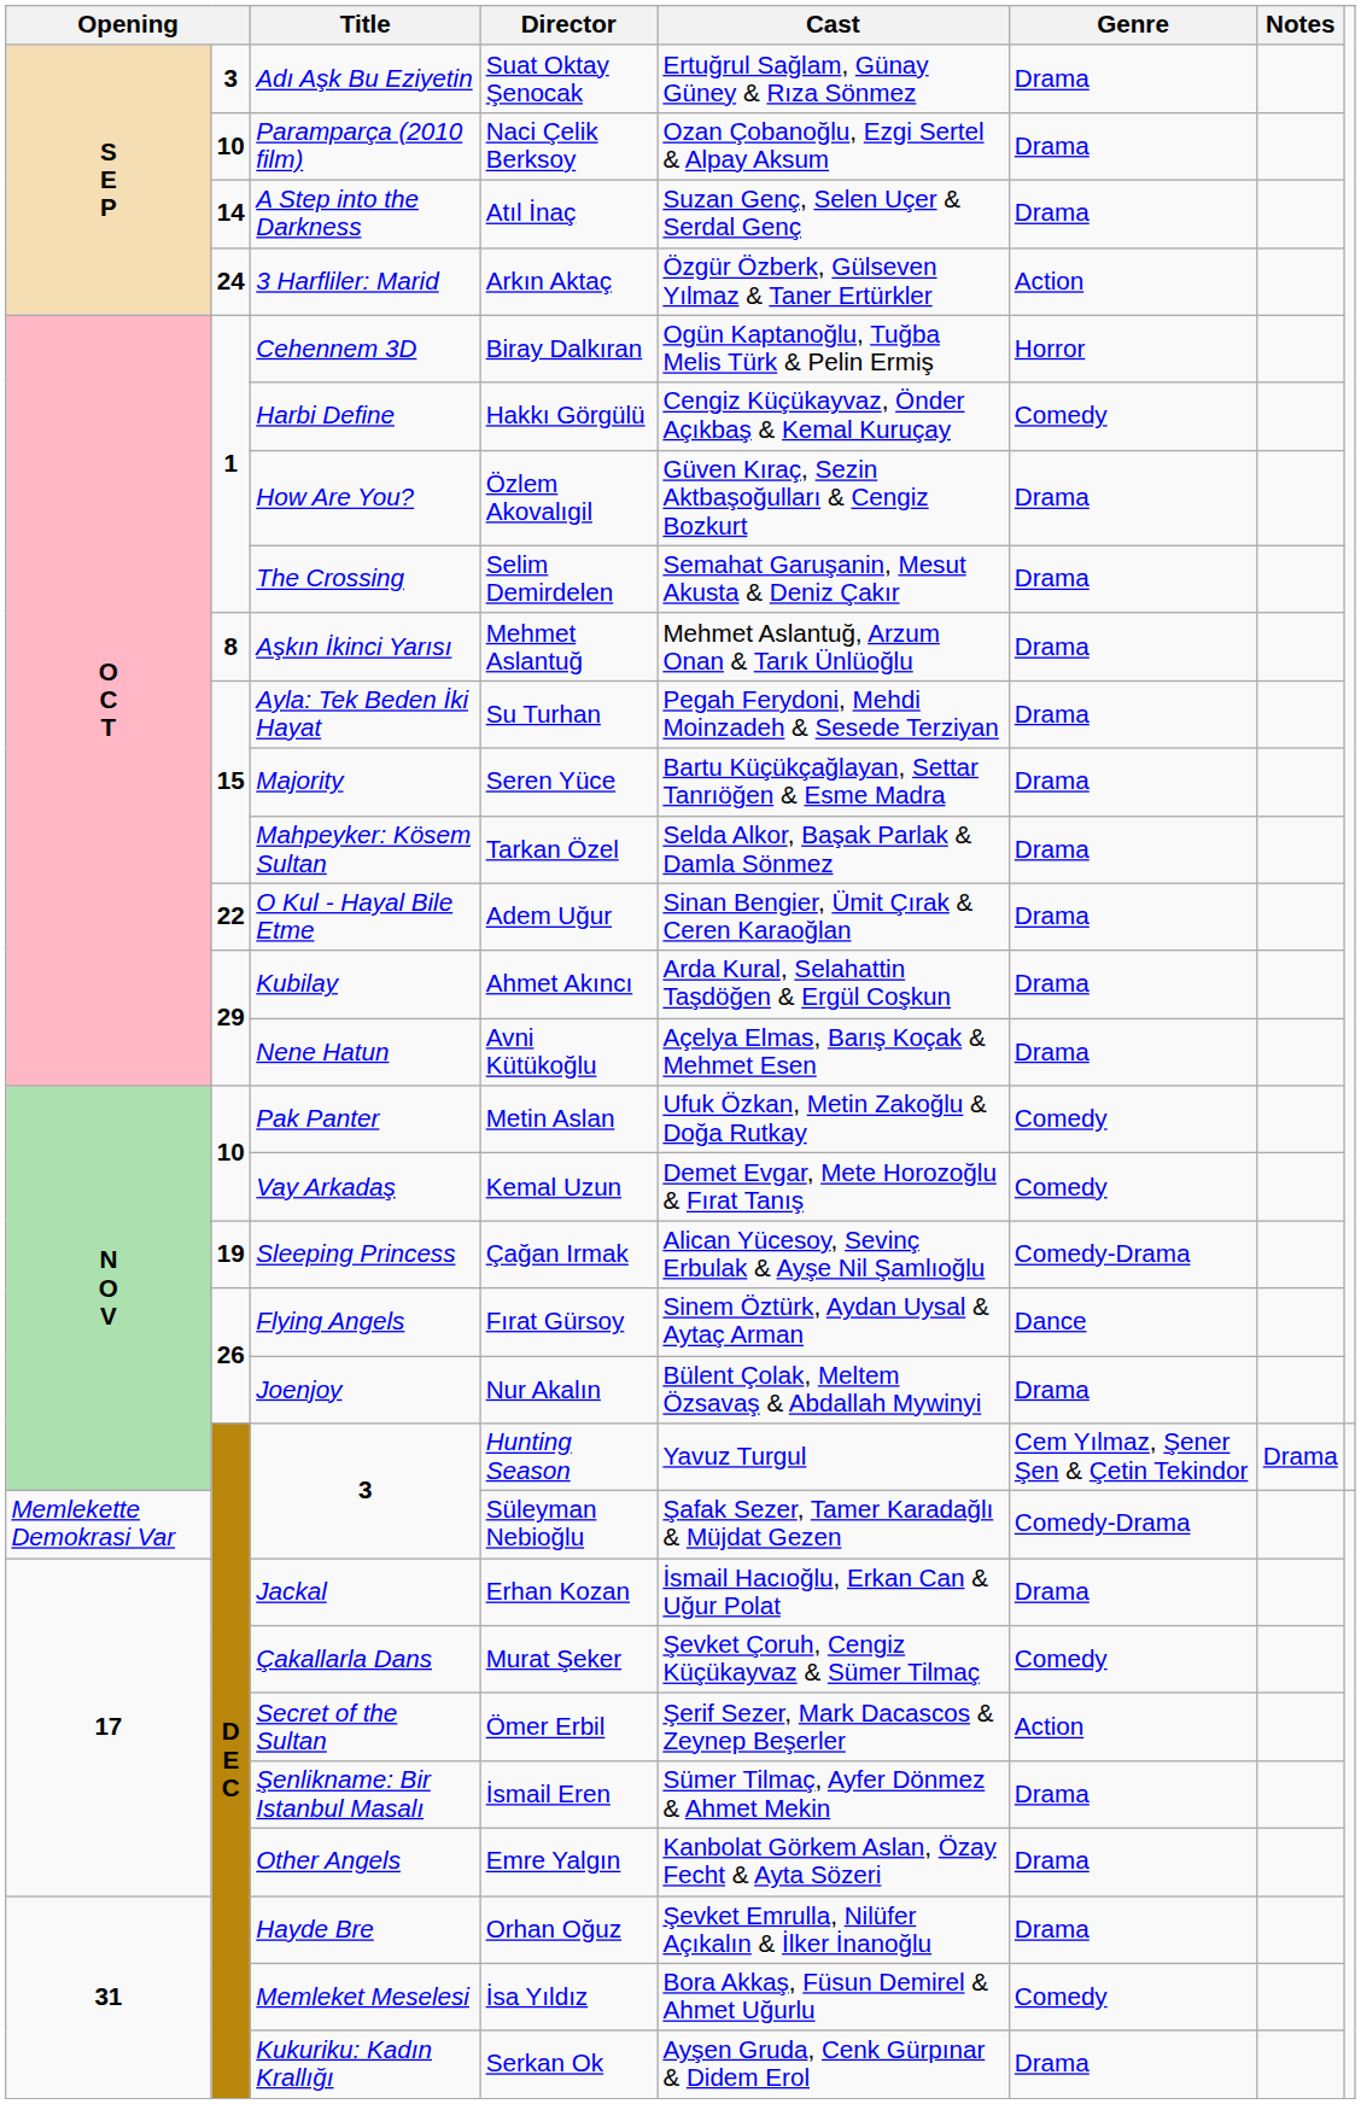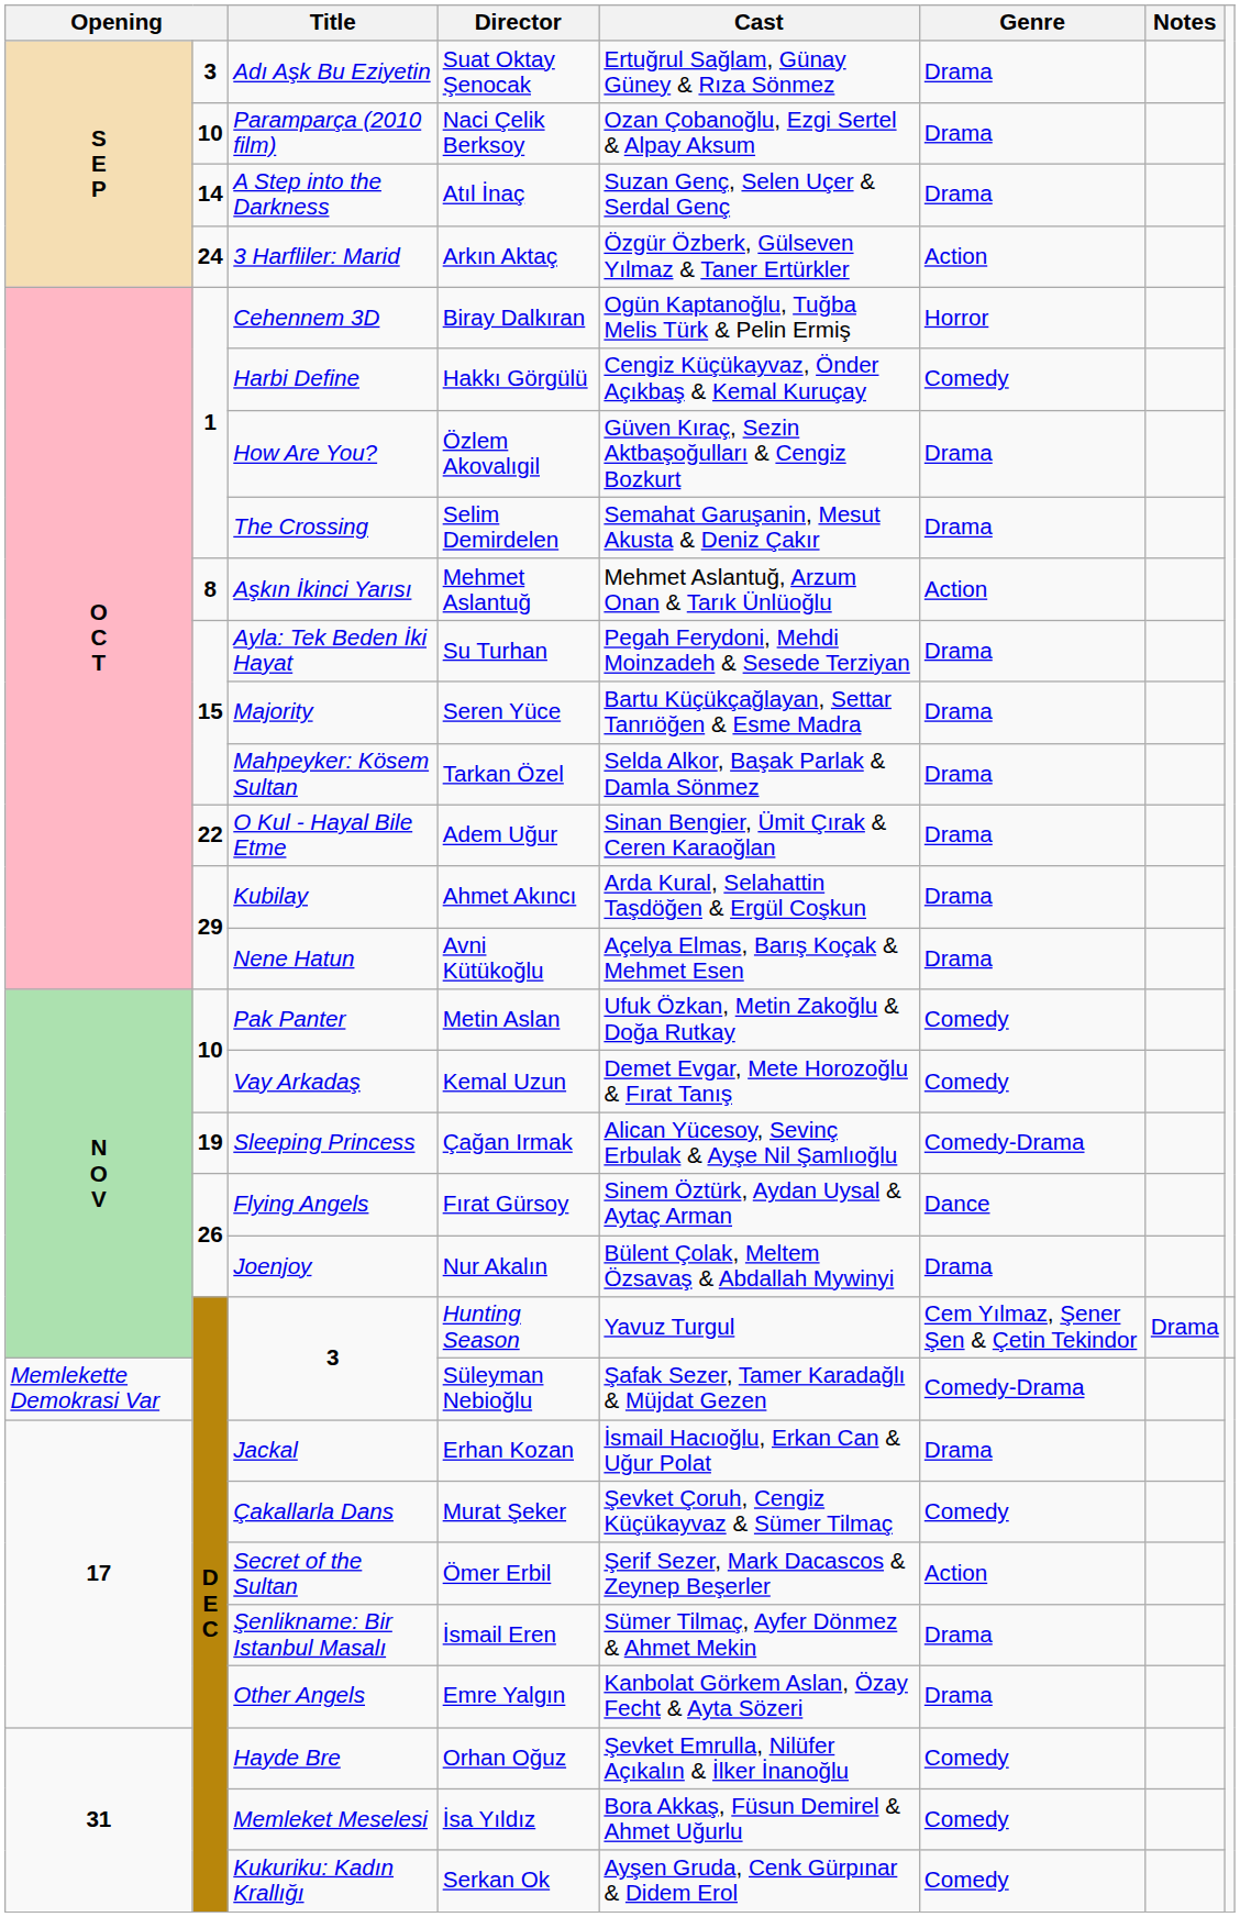 <table class="wikitable sortable">
 <tr>
 <th colspan="2"><strong>Opening</strong></th>
 <th><strong>Title</strong></th>
 <th><strong>Director</strong></th>
 <th><strong>Cast</strong></th>
 <th><strong>Genre</strong></th>
 <th><strong>Notes</strong></th>
 </tr>
 <tr September!>
 <td rowspan="4" valign="center" align="center" style="background:#F5DEB3; textcolor:#000;"><strong>S<br>E<br>P</strong></td>
 <td rowspan="1" align="center"><strong>3</strong></td>
 <td><em><a href='#'>Adı Aşk Bu Eziyetin</a></em></td>
 <td><a href='#'>Suat Oktay Şenocak</a></td>
 <td><a href='#'>Ertuğrul Sağlam</a>, <a href='#'>Günay Güney</a> & <a href='#'>Rıza Sönmez</a></td>
 <td><a href='#'>Drama</a></td>
 <td></td>
 </tr>
 <tr>
 <td rowspan="1" align="center"><strong>10</strong></td>
 <td><em><a href='#'>Paramparça (2010 film)</a></em></td>
 <td><a href='#'>Naci Çelik Berksoy</a></td>
 <td><a href='#'>Ozan Çobanoğlu</a>, <a href='#'>Ezgi Sertel</a> & <a href='#'>Alpay Aksum</a></td>
 <td><a href='#'>Drama</a></td>
 <td></td>
 </tr>
 <tr>
 <td rowspan="1" align="center"><strong>14</strong></td>
 <td><em><a href='#'>A Step into the Darkness</a></em></td>
 <td><a href='#'>Atıl İnaç</a></td>
 <td><a href='#'>Suzan Genç</a>, <a href='#'>Selen Uçer</a> & <a href='#'>Serdal Genç</a></td>
 <td><a href='#'>Drama</a></td>
 <td></td>
 </tr>
 <tr>
 <td rowspan="1" align="center"><strong>24</strong></td>
 <td><em><a href='#'>3 Harfliler: Marid</a></em></td>
 <td><a href='#'>Arkın Aktaç</a></td>
 <td><a href='#'>Özgür Özberk</a>, <a href='#'>Gülseven Yılmaz</a> & <a href='#'>Taner Ertürkler</a></td>
 <td><a href='#'>Action</a></td>
 <td></td>
 </tr>
 <tr October!>
 <td rowspan="11" valign="center" align="center" style="background:#FFB7C5; textcolor:#000;"><strong>O<br>C<br>T</strong></td>
 <td rowspan="4" align="center"><strong>1</strong></td>
 <td><em><a href='#'>Cehennem 3D</a></em></td>
 <td><a href='#'>Biray Dalkıran</a></td>
 <td><a href='#'>Ogün Kaptanoğlu</a>, <a href='#'>Tuğba Melis Türk</a> & Pelin Ermiş</td>
 <td><a href='#'>Horror</a></td>
 <td></td>
 </tr>
 <tr>
 <td><em><a href='#'>Harbi Define</a></em></td>
 <td><a href='#'>Hakkı Görgülü</a></td>
 <td><a href='#'>Cengiz Küçükayvaz</a>, <a href='#'>Önder Açıkbaş</a> & <a href='#'>Kemal Kuruçay</a></td>
 <td><a href='#'>Comedy</a></td>
 <td></td>
 </tr>
 <tr>
 <td><em><a href='#'>How Are You?</a></em></td>
 <td><a href='#'>Özlem Akovalıgil</a></td>
 <td><a href='#'>Güven Kıraç</a>, <a href='#'>Sezin Aktbaşoğulları</a> & <a href='#'>Cengiz Bozkurt</a></td>
 <td><a href='#'>Drama</a></td>
 <td></td>
 </tr>
 <tr>
 <td><em><a href='#'>The Crossing</a></em></td>
 <td><a href='#'>Selim Demirdelen</a></td>
 <td><a href='#'>Semahat Garuşanin</a>, <a href='#'>Mesut Akusta</a> & <a href='#'>Deniz Çakır</a></td>
 <td><a href='#'>Drama</a></td>
 <td></td>
 </tr>
 <tr>
 <td rowspan="1" align="center"><strong>8</strong></td>
 <td><em><a href='#'>Aşkın İkinci Yarısı</a></em></td>
 <td><a href='#'>Mehmet Aslantuğ</a></td>
 <td>Mehmet Aslantuğ, <a href='#'>Arzum Onan</a> & <a href='#'>Tarık Ünlüoğlu</a></td>
-<td><a href='#'>Drama</a></td>
+<td><a href='#'>Action</a></td>
 <td></td>
 </tr>
 <tr>
 <td rowspan="3" align="center"><strong>15</strong></td>
 <td><em><a href='#'>Ayla: Tek Beden İki Hayat</a></em></td>
 <td><a href='#'>Su Turhan</a></td>
 <td><a href='#'>Pegah Ferydoni</a>, <a href='#'>Mehdi Moinzadeh</a> & <a href='#'>Sesede Terziyan</a></td>
 <td><a href='#'>Drama</a></td>
 <td></td>
 </tr>
 <tr>
 <td><em><a href='#'>Majority</a></em></td>
 <td><a href='#'>Seren Yüce</a></td>
 <td><a href='#'>Bartu Küçükçağlayan</a>, <a href='#'>Settar Tanrıöğen</a> & <a href='#'>Esme Madra</a></td>
 <td><a href='#'>Drama</a></td>
 <td></td>
 </tr>
 <tr>
 <td><em><a href='#'>Mahpeyker: Kösem Sultan</a></em></td>
 <td><a href='#'>Tarkan Özel</a></td>
 <td><a href='#'>Selda Alkor</a>, <a href='#'>Başak Parlak</a> & <a href='#'>Damla Sönmez</a></td>
 <td><a href='#'>Drama</a></td>
 <td></td>
 </tr>
 <tr>
 <td rowspan="1" align="center"><strong>22</strong></td>
 <td><em><a href='#'>O Kul - Hayal Bile Etme</a></em></td>
 <td><a href='#'>Adem Uğur</a></td>
 <td><a href='#'>Sinan Bengier</a>, <a href='#'>Ümit Çırak</a> & <a href='#'>Ceren Karaoğlan</a></td>
 <td><a href='#'>Drama</a></td>
 <td></td>
 </tr>
 <tr>
 <td rowspan="2" align="center"><strong>29</strong></td>
 <td><em><a href='#'>Kubilay</a></em></td>
 <td><a href='#'>Ahmet Akıncı</a></td>
 <td><a href='#'>Arda Kural</a>, <a href='#'>Selahattin Taşdöğen</a> & <a href='#'>Ergül Coşkun</a></td>
 <td><a href='#'>Drama</a></td>
 <td></td>
 </tr>
 <tr>
 <td><em><a href='#'>Nene Hatun</a></em></td>
 <td><a href='#'>Avni Kütükoğlu</a></td>
 <td><a href='#'>Açelya Elmas</a>, <a href='#'>Barış Koçak</a> & <a href='#'>Mehmet Esen</a></td>
 <td><a href='#'>Drama</a></td>
 <td></td>
 </tr>
 <tr October!>
 <td rowspan="6" valign="center" align="center" style="background:#ACE1AF; textcolor:#000;"><strong>N<br>O<br>V</strong></td>
 <td rowspan="2" align="center"><strong>10</strong></td>
 <td><em><a href='#'>Pak Panter</a></em></td>
 <td><a href='#'>Metin Aslan</a></td>
 <td><a href='#'>Ufuk Özkan</a>, <a href='#'>Metin Zakoğlu</a> & <a href='#'>Doğa Rutkay</a></td>
 <td><a href='#'>Comedy</a></td>
 <td></td>
 </tr>
 <tr>
 <td><em><a href='#'>Vay Arkadaş</a></em></td>
 <td><a href='#'>Kemal Uzun</a></td>
 <td><a href='#'>Demet Evgar</a>, <a href='#'>Mete Horozoğlu</a> & <a href='#'>Fırat Tanış</a></td>
 <td><a href='#'>Comedy</a></td>
 <td></td>
 </tr>
 <tr>
 <td rowspan="1" align="center"><strong>19</strong></td>
 <td><em><a href='#'>Sleeping Princess</a></em></td>
 <td><a href='#'>Çağan Irmak</a></td>
 <td><a href='#'>Alican Yücesoy</a>, <a href='#'>Sevinç Erbulak</a> & <a href='#'>Ayşe Nil Şamlıoğlu</a></td>
 <td><a href='#'>Comedy-Drama</a></td>
 <td></td>
 </tr>
 <tr>
 <td rowspan="2" align="center"><strong>26</strong></td>
 <td><em><a href='#'>Flying Angels</a></em></td>
 <td><a href='#'>Fırat Gürsoy</a></td>
 <td><a href='#'>Sinem Öztürk</a>, <a href='#'>Aydan Uysal</a> & <a href='#'>Aytaç Arman</a></td>
 <td><a href='#'>Dance</a></td>
 <td></td>
 </tr>
 <tr>
 <td><em><a href='#'>Joenjoy</a></em></td>
 <td><a href='#'>Nur Akalın</a></td>
 <td><a href='#'>Bülent Çolak</a>, <a href='#'>Meltem Özsavaş</a> & <a href='#'>Abdallah Mywinyi</a></td>
 <td><a href='#'>Drama</a></td>
 <td></td>
 </tr>
 <tr December!>
 <td rowspan="10" valign="center" align="center" style="background:#B8860B; textcolor:#000;"><strong>D<br>E<br>C</strong></td>
 <td rowspan="2" align="center"><strong>3</strong></td>
 <td><em><a href='#'>Hunting Season</a></em></td>
 <td><a href='#'>Yavuz Turgul</a></td>
 <td><a href='#'>Cem Yılmaz</a>, <a href='#'>Şener Şen</a> & <a href='#'>Çetin Tekindor</a></td>
 <td><a href='#'>Drama</a></td>
 <td></td>
 </tr>
 <tr>
 <td><em><a href='#'>Memlekette Demokrasi Var</a></em></td>
 <td><a href='#'>Süleyman Nebioğlu</a></td>
 <td><a href='#'>Şafak Sezer</a>, <a href='#'>Tamer Karadağlı</a> & <a href='#'>Müjdat Gezen</a></td>
 <td><a href='#'>Comedy-Drama</a></td>
 <td></td>
 </tr>
 <tr>
 <td rowspan="5" align="center"><strong>17</strong></td>
 <td><em><a href='#'>Jackal</a></em></td>
 <td><a href='#'>Erhan Kozan</a></td>
 <td><a href='#'>İsmail Hacıoğlu</a>, <a href='#'>Erkan Can</a> & <a href='#'>Uğur Polat</a></td>
 <td><a href='#'>Drama</a></td>
 <td></td>
 </tr>
 <tr>
 <td><em><a href='#'>Çakallarla Dans</a></em></td>
 <td><a href='#'>Murat Şeker</a></td>
 <td><a href='#'>Şevket Çoruh</a>, <a href='#'>Cengiz Küçükayvaz</a> & <a href='#'>Sümer Tilmaç</a></td>
 <td><a href='#'>Comedy</a></td>
 <td></td>
 </tr>
 <tr>
 <td><em><a href='#'>Secret of the Sultan</a></em></td>
 <td><a href='#'>Ömer Erbil</a></td>
 <td><a href='#'>Şerif Sezer</a>, <a href='#'>Mark Dacascos</a> & <a href='#'>Zeynep Beşerler</a></td>
 <td><a href='#'>Action</a></td>
 <td></td>
 </tr>
 <tr>
 <td><em><a href='#'>Şenlikname: Bir Istanbul Masalı</a></em></td>
 <td><a href='#'>İsmail Eren</a></td>
 <td><a href='#'>Sümer Tilmaç</a>, <a href='#'>Ayfer Dönmez</a> & <a href='#'>Ahmet Mekin</a></td>
 <td><a href='#'>Drama</a></td>
 <td></td>
 </tr>
 <tr>
 <td><em><a href='#'>Other Angels</a></em></td>
 <td><a href='#'>Emre Yalgın</a></td>
 <td><a href='#'>Kanbolat Görkem Aslan</a>, <a href='#'>Özay Fecht</a> & <a href='#'>Ayta Sözeri</a></td>
 <td><a href='#'>Drama</a></td>
 <td></td>
 </tr>
 <tr>
 <td rowspan="3" align="center"><strong>31</strong></td>
 <td><em><a href='#'>Hayde Bre</a></em></td>
 <td><a href='#'>Orhan Oğuz</a></td>
 <td><a href='#'>Şevket Emrulla</a>, <a href='#'>Nilüfer Açıkalın</a> & <a href='#'>İlker İnanoğlu</a></td>
-<td><a href='#'>Drama</a></td>
+<td><a href='#'>Comedy</a></td>
 <td></td>
 </tr>
 <tr>
 <td><em><a href='#'>Memleket Meselesi</a></em></td>
 <td><a href='#'>İsa Yıldız</a></td>
 <td><a href='#'>Bora Akkaş</a>, <a href='#'>Füsun Demirel</a> & <a href='#'>Ahmet Uğurlu</a></td>
 <td><a href='#'>Comedy</a></td>
 <td></td>
 </tr>
 <tr>
 <td><em><a href='#'>Kukuriku: Kadın Krallığı</a></em></td>
 <td><a href='#'>Serkan Ok</a></td>
 <td><a href='#'>Ayşen Gruda</a>, <a href='#'>Cenk Gürpınar</a> & <a href='#'>Didem Erol</a></td>
-<td><a href='#'>Drama</a></td>
+<td><a href='#'>Comedy</a></td>
 <td></td>
 </tr>
 <tr>
 </tr>
 </table>
